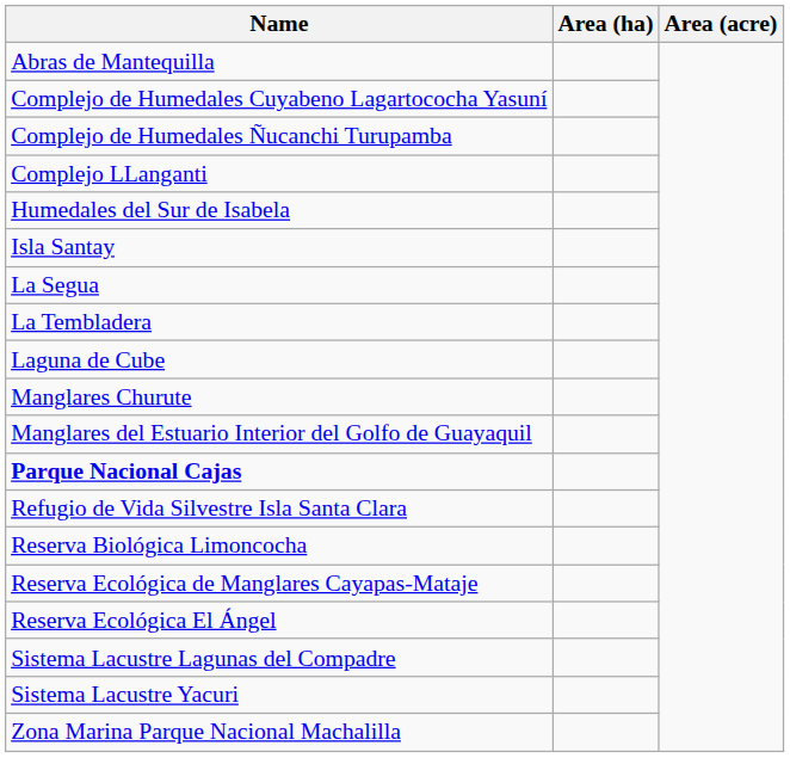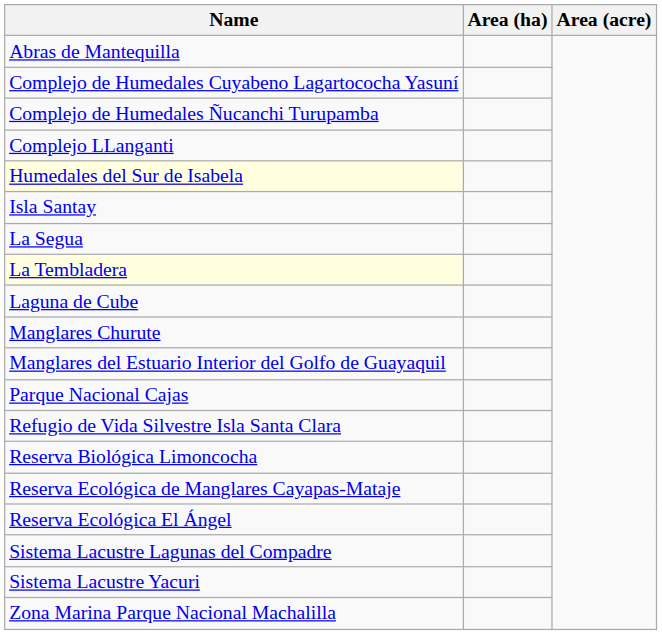 <table class="wikitable sortable">
 <tr>
 <th scope="col" align=left>Name</th>
 <th scope="col">Area (ha)</th>
 <th scope="col">Area (acre)</th>
 </tr>
 <tr ---->
 <td><a href='#'>Abras de Mantequilla</a></td>
 <td></td>
 </tr>
 <tr ---->
 <td><a href='#'>Complejo de Humedales Cuyabeno Lagartococha Yasuní</a></td>
 <td></td>
 </tr>
 <tr ---->
 <td><a href='#'>Complejo de Humedales Ñucanchi Turupamba</a></td>
 <td></td>
 </tr>
 <tr ---->
 <td><a href='#'>Complejo LLanganti</a></td>
 <td></td>
 </tr>
 <tr ---->
-<td><a href='#'>Humedales del Sur de Isabela</a></td>
+<td style="background: lightyellow;"><a href='#'>Humedales del Sur de Isabela</a></td>
 <td></td>
 </tr>
 <tr ---->
 <td><a href='#'>Isla Santay</a></td>
 <td></td>
 </tr>
 <tr ---->
 <td><a href='#'>La Segua</a></td>
 <td></td>
 </tr>
 <tr ---->
-<td><a href='#'>La Tembladera</a></td>
+<td style="background: lightyellow;"><a href='#'>La Tembladera</a></td>
 <td></td>
 </tr>
 <tr ---->
 <td><a href='#'>Laguna de Cube</a></td>
 <td></td>
 </tr>
 <tr ---->
 <td><a href='#'>Manglares Churute</a></td>
 <td></td>
 </tr>
 <tr ---->
 <td><a href='#'>Manglares del Estuario Interior del Golfo de Guayaquil </a></td>
 <td></td>
 </tr>
 <tr ---->
-<td><strong><a href='#'>Parque Nacional Cajas</a></strong></td>
+<td><a href='#'>Parque Nacional Cajas</a></td>
 <td></td>
 </tr>
 <tr ---->
 <td><a href='#'>Refugio de Vida Silvestre Isla Santa Clara</a></td>
 <td></td>
 </tr>
 <tr ---->
 <td><a href='#'>Reserva Biológica Limoncocha</a></td>
 <td></td>
 </tr>
 <tr ---->
 <td><a href='#'>Reserva Ecológica de Manglares Cayapas-Mataje</a></td>
 <td></td>
 </tr>
 <tr ---->
 <td><a href='#'>Reserva Ecológica El Ángel</a></td>
 <td></td>
 </tr>
 <tr ---->
 <td><a href='#'>Sistema Lacustre Lagunas del Compadre</a></td>
 <td></td>
 </tr>
 <tr ---->
 <td><a href='#'>Sistema Lacustre Yacuri</a></td>
 <td></td>
 </tr>
 <tr ---->
 <td><a href='#'>Zona Marina Parque Nacional Machalilla</a></td>
 <td></td>
 </tr>
 </table>
